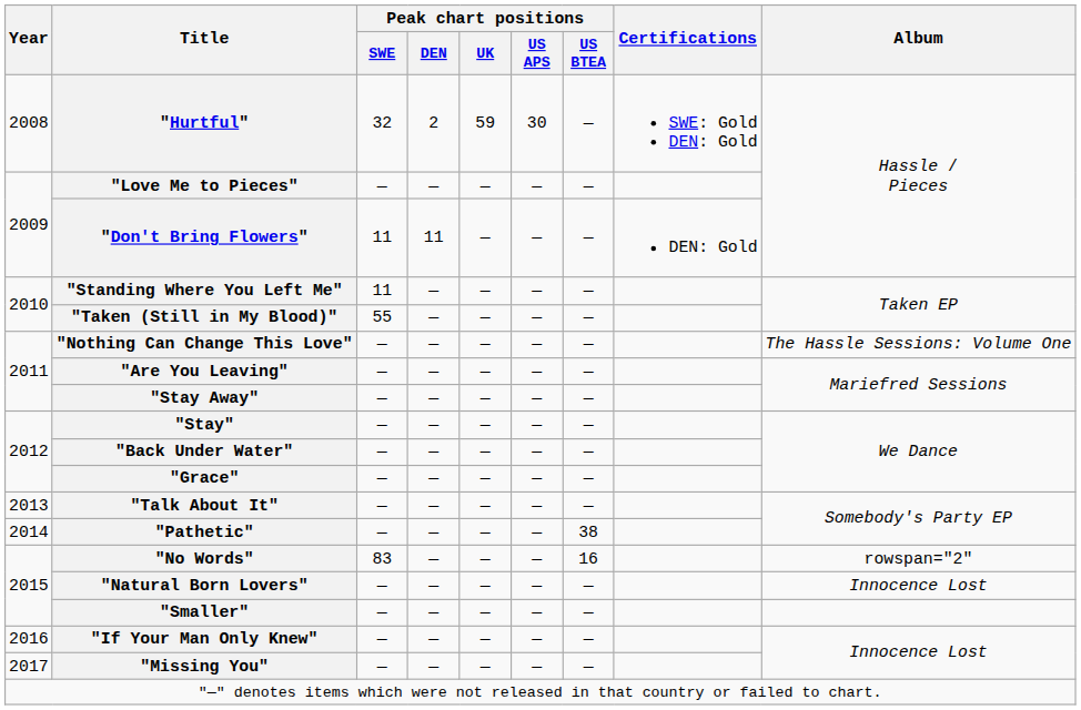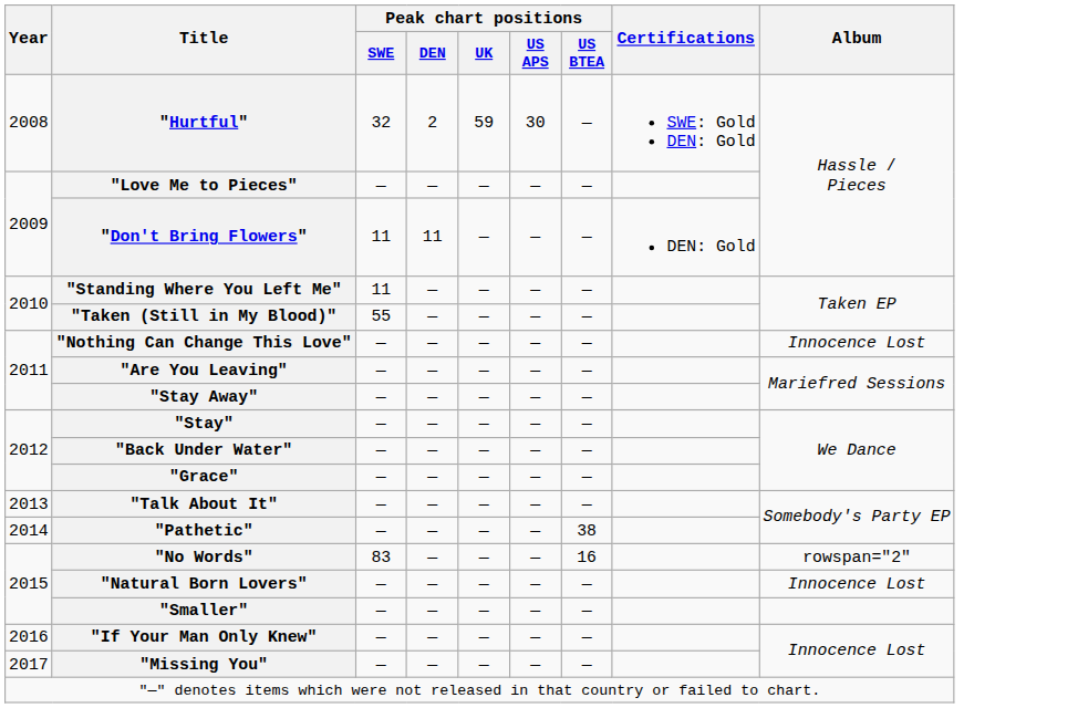 <table class="wikitable plainrowheaders" style="text-align:center;" border="1">
 <tr>
 <th scope="col" rowspan="2">Year</th>
 <th scope="col" rowspan="2">Title</th>
 <th scope="col" colspan="5">Peak chart positions</th>
 <th scope="col" rowspan="2"><a href='#'>Certifications</a></th>
 <th scope="col" rowspan="2">Album</th>
 </tr>
 <tr>
 <th scope="col" style="width:3em;font-size:90%;"><a href='#'>SWE</a><br></th>
 <th scope="col" style="width:3em;font-size:90%;"><a href='#'>DEN</a><br></th>
 <th scope="col" style="width:3em;font-size:90%;"><a href='#'>UK</a><br></th>
 <th scope="col" style="width:3em;font-size:90%;"><a href='#'>US<br>APS</a><br></th>
 <th scope="col" style="width:3em;font-size:90%;"><a href='#'>US<br>BTEA</a><br></th>
 </tr>
 <tr>
 <td>2008</td>
 <th scope="row">"<a href='#'>Hurtful</a>"</th>
 <td>32</td>
 <td>2</td>
 <td>59</td>
 <td>30</td>
 <td>—</td>
 <td><br><ul><li><a href='#'>SWE</a>: Gold</li><li><a href='#'>DEN</a>: Gold</li></ul></td>
 <td rowspan="3"><em>Hassle</em> /<br><em>Pieces</em></td>
 </tr>
 <tr>
 <td rowspan="2">2009</td>
 <th scope="row">"Love Me to Pieces"</th>
 <td>—</td>
 <td>—</td>
 <td>—</td>
 <td>—</td>
 <td>—</td>
 </tr>
 <tr>
 <th scope="row">"<a href='#'>Don't Bring Flowers</a>"</th>
 <td>11</td>
 <td>11</td>
 <td>—</td>
 <td>—</td>
 <td>—</td>
 <td><br><ul><li>DEN: Gold</li></ul></td>
 </tr>
 <tr>
 <td rowspan="2">2010</td>
 <th scope="row">"Standing Where You Left Me"</th>
 <td>11</td>
 <td>—</td>
 <td>—</td>
 <td>—</td>
 <td>—</td>
 <td></td>
 <td rowspan="2"><em>Taken EP</em></td>
 </tr>
 <tr>
 <th scope="row">"Taken (Still in My Blood)"</th>
 <td>55</td>
 <td>—</td>
 <td>—</td>
 <td>—</td>
 <td>—</td>
 <td></td>
 </tr>
 <tr>
 <td rowspan="3">2011</td>
 <th scope="row">"Nothing Can Change This Love"</th>
 <td>—</td>
 <td>—</td>
 <td>—</td>
 <td>—</td>
 <td>—</td>
 <td></td>
-<td><em>The Hassle Sessions: Volume One</em></td>
+<td><em>Innocence Lost</em></td>
 </tr>
 <tr>
 <th scope="row">"Are You Leaving"</th>
 <td>—</td>
 <td>—</td>
 <td>—</td>
 <td>—</td>
 <td>—</td>
 <td></td>
 <td rowspan="2"><em>Mariefred Sessions</em></td>
 </tr>
 <tr>
 <th scope="row">"Stay Away"</th>
 <td>—</td>
 <td>—</td>
 <td>—</td>
 <td>—</td>
 <td>—</td>
 <td></td>
 </tr>
 <tr>
 <td rowspan="3">2012</td>
 <th scope="row">"Stay"</th>
 <td>—</td>
 <td>—</td>
 <td>—</td>
 <td>—</td>
 <td>—</td>
 <td></td>
 <td rowspan="3"><em>We Dance</em></td>
 </tr>
 <tr>
 <th scope="row">"Back Under Water"</th>
 <td>—</td>
 <td>—</td>
 <td>—</td>
 <td>—</td>
 <td>—</td>
 <td></td>
 </tr>
 <tr>
 <th scope="row">"Grace"</th>
 <td>—</td>
 <td>—</td>
 <td>—</td>
 <td>—</td>
 <td>—</td>
 <td></td>
 </tr>
 <tr>
 <td rowspan="1">2013</td>
 <th scope="row">"Talk About It"</th>
 <td>—</td>
 <td>—</td>
 <td>—</td>
 <td>—</td>
 <td>—</td>
 <td></td>
 <td rowspan="2"><em>Somebody's Party EP</em></td>
 </tr>
 <tr>
 <td rowspan="1">2014</td>
 <th scope="row">"Pathetic"</th>
 <td>—</td>
 <td>—</td>
 <td>—</td>
 <td>—</td>
 <td>38</td>
 <td></td>
 </tr>
 <tr>
 <td rowspan="3">2015</td>
 <th scope="row">"No Words"</th>
 <td>83</td>
 <td>—</td>
 <td>—</td>
 <td>—</td>
 <td>16</td>
 <td></td>
 <td>rowspan="2" </td>
 </tr>
 <tr>
 <th scope="row">"Natural Born Lovers"</th>
 <td>—</td>
 <td>—</td>
 <td>—</td>
 <td>—</td>
 <td>—</td>
 <td></td>
 <td><em>Innocence Lost</em></td>
 </tr>
 <tr>
 <th scope="row">"Smaller"</th>
 <td>—</td>
 <td>—</td>
 <td>—</td>
 <td>—</td>
 <td>—</td>
 <td></td>
 </tr>
 <tr>
 <td rowspan="1">2016</td>
 <th scope="row">"If Your Man Only Knew"</th>
 <td>—</td>
 <td>—</td>
 <td>—</td>
 <td>—</td>
 <td>—</td>
 <td></td>
 <td rowspan="2"><em>Innocence Lost</em></td>
 </tr>
 <tr>
 <td rowspan="1">2017</td>
 <th scope="row">"Missing You"</th>
 <td>—</td>
 <td>—</td>
 <td>—</td>
 <td>—</td>
 <td>—</td>
 <td></td>
 </tr>
 <tr>
 <td colspan="9" style="font-size:90%;">"—" denotes items which were not released in that country or failed to chart.</td>
 </tr>
 </table>
